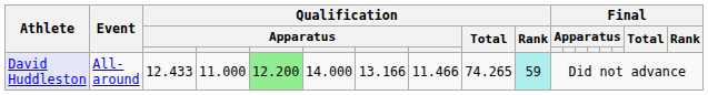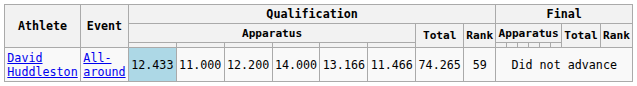 <table class="wikitable" style="font-size:90%">
 <tr>
 <th rowspan=3>Athlete</th>
 <th rowspan=3>Event</th>
 <th colspan =8>Qualification</th>
 <th colspan =8>Final</th>
 </tr>
 <tr style="font-size:95%">
 <th colspan=6>Apparatus</th>
 <th rowspan=2>Total</th>
 <th rowspan=2>Rank</th>
 <th colspan=6>Apparatus</th>
 <th rowspan=2>Total</th>
 <th rowspan=2>Rank</th>
 </tr>
 <tr style="font-size:95%">
 <th></th>
 <th></th>
 <th></th>
 <th></th>
 <th></th>
 <th></th>
 <th></th>
 <th></th>
 <th></th>
 <th></th>
 <th></th>
 <th></th>
 </tr>
 <tr align=center>
-<td align=left style="background: lavender;"><a href='#'>David Huddleston</a></td>
+<td align=left><a href='#'>David Huddleston</a></td>
 <td align=left><a href='#'>All-around</a></td>
-<td>12.433</td>
+<td style="background: lightblue;">12.433</td>
 <td>11.000</td>
-<td style="background: lightgreen;">12.200</td>
+<td>12.200</td>
 <td>14.000</td>
 <td>13.166</td>
 <td>11.466</td>
 <td>74.265</td>
-<td style="background: paleturquoise;">59</td>
+<td>59</td>
 <td colspan=8>Did not advance</td>
 </tr>
 </table>
